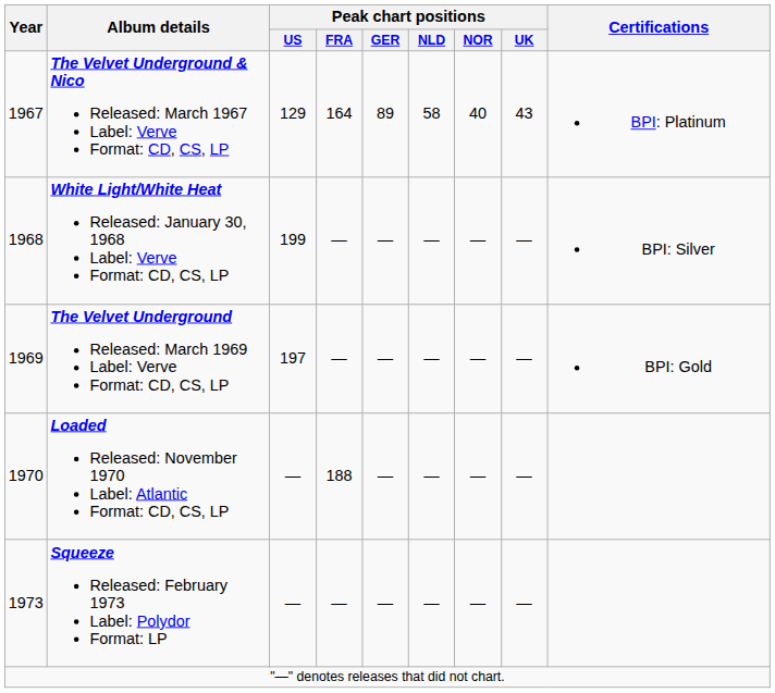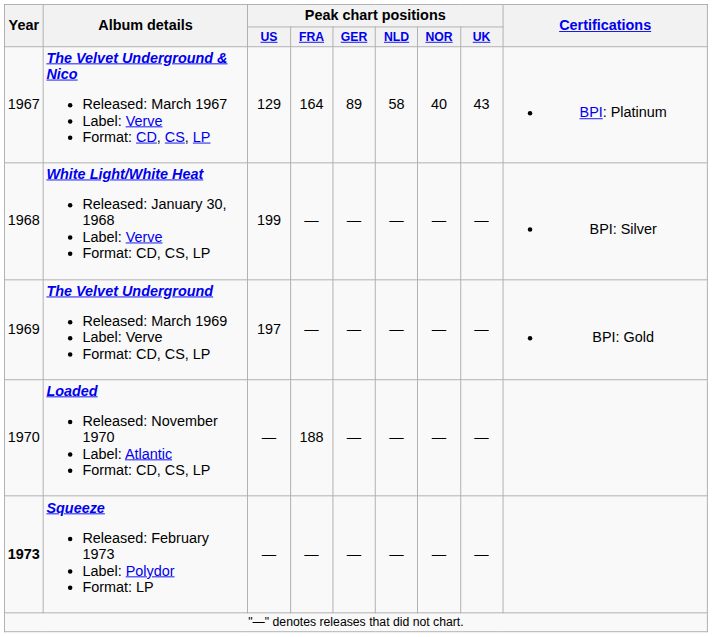 <table class="wikitable" style=text-align:center;>
 <tr>
 <th rowspan="2" style="width:33px;">Year</th>
 <th rowspan="2" style="width:220px;">Album details</th>
 <th colspan="6">Peak chart positions</th>
 <th rowspan="2" style="width:220px;"><a href='#'>Certifications</a></th>
 </tr>
 <tr>
 <th style="width:3em;font-size:85%"><a href='#'>US</a><br></th>
 <th style="width:3em;font-size:85%"><a href='#'>FRA</a><br></th>
 <th style="width:3em;font-size:85%"><a href='#'>GER</a><br></th>
 <th style="width:3em;font-size:85%"><a href='#'>NLD</a><br></th>
 <th style="width:3em;font-size:85%"><a href='#'>NOR</a><br></th>
 <th style="width:3em;font-size:85%"><a href='#'>UK</a><br></th>
 </tr>
 <tr>
 <td>1967</td>
 <td align="left"><strong><em><a href='#'>The Velvet Underground & Nico</a></em></strong><br><ul><li>Released: March 1967</li><li>Label: <a href='#'>Verve</a></li><li>Format: <a href='#'>CD</a>, <a href='#'>CS</a>, <a href='#'>LP</a></li></ul></td>
 <td>129</td>
 <td>164</td>
 <td>89</td>
 <td>58</td>
 <td>40</td>
 <td>43</td>
 <td><br><ul><li><a href='#'>BPI</a>: Platinum</li></ul></td>
 </tr>
 <tr>
 <td>1968</td>
 <td align="left"><strong><em><a href='#'>White Light/White Heat</a></em></strong><br><ul><li>Released: January 30, 1968</li><li>Label: <a href='#'>Verve</a></li><li>Format: CD, CS, LP</li></ul></td>
 <td>199</td>
 <td>—</td>
 <td>—</td>
 <td>—</td>
 <td>—</td>
 <td>—</td>
 <td><br><ul><li>BPI: Silver</li></ul></td>
 </tr>
 <tr>
 <td>1969</td>
 <td align="left"><strong><em><a href='#'>The Velvet Underground</a></em></strong><br><ul><li>Released: March 1969</li><li>Label: Verve</li><li>Format: CD, CS, LP</li></ul></td>
 <td>197</td>
 <td>—</td>
 <td>—</td>
 <td>—</td>
 <td>—</td>
 <td>—</td>
 <td><br><ul><li>BPI: Gold</li></ul></td>
 </tr>
 <tr>
 <td>1970</td>
 <td align="left"><strong><em><a href='#'>Loaded</a></em></strong><br><ul><li>Released: November 1970</li><li>Label: <a href='#'>Atlantic</a></li><li>Format: CD, CS, LP</li></ul></td>
 <td>—</td>
 <td>188</td>
 <td>—</td>
 <td>—</td>
 <td>—</td>
 <td>—</td>
 <td></td>
 </tr>
 <tr>
-<td>1973</td>
+<td><strong>1973</strong></td>
 <td align="left"><strong><em><a href='#'>Squeeze</a></em></strong><br><ul><li>Released: February 1973</li><li>Label: <a href='#'>Polydor</a></li><li>Format: LP</li></ul></td>
 <td>—</td>
 <td>—</td>
 <td>—</td>
 <td>—</td>
 <td>—</td>
 <td>—</td>
 <td></td>
 </tr>
 <tr>
 <td align="center" colspan="17" style="font-size: 85%">"—" denotes releases that did not chart.</td>
 </tr>
 </table>
